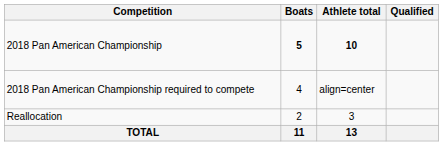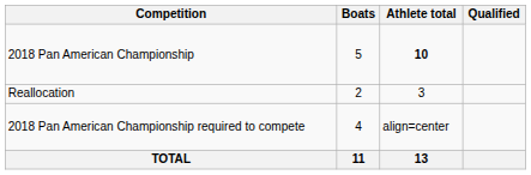 <table class="wikitable" width=690>
 <tr>
 <th>Competition</th>
 <th>Boats</th>
 <th>Athlete total</th>
 <th>Qualified</th>
 </tr>
 <tr>
 <td>2018 Pan American Championship</td>
-<td align=center><strong>5</strong></td>
+<td align=center>5</td>
 <td align=center><strong>10</strong></td>
 <td><br><br><br><br></td>
+</tr>
+<tr>
+<td>Reallocation</td>
+<td align=center>2</td>
+<td align=center>3</td>
+<td><br></td>
 </tr>
 <tr>
 <td>2018 Pan American Championship required to compete</td>
 <td align=center>4</td>
 <td>align=center </td>
 <td><br><br><br></td>
 </tr>
 <tr>
-<td>Reallocation</td>
-<td align=center>2</td>
-<td align=center>3</td>
-<td><br></td>
-</tr>
-<tr>
 <th>TOTAL</th>
 <th>11</th>
 <th>13</th>
 <th></th>
 </tr>
 </table>
